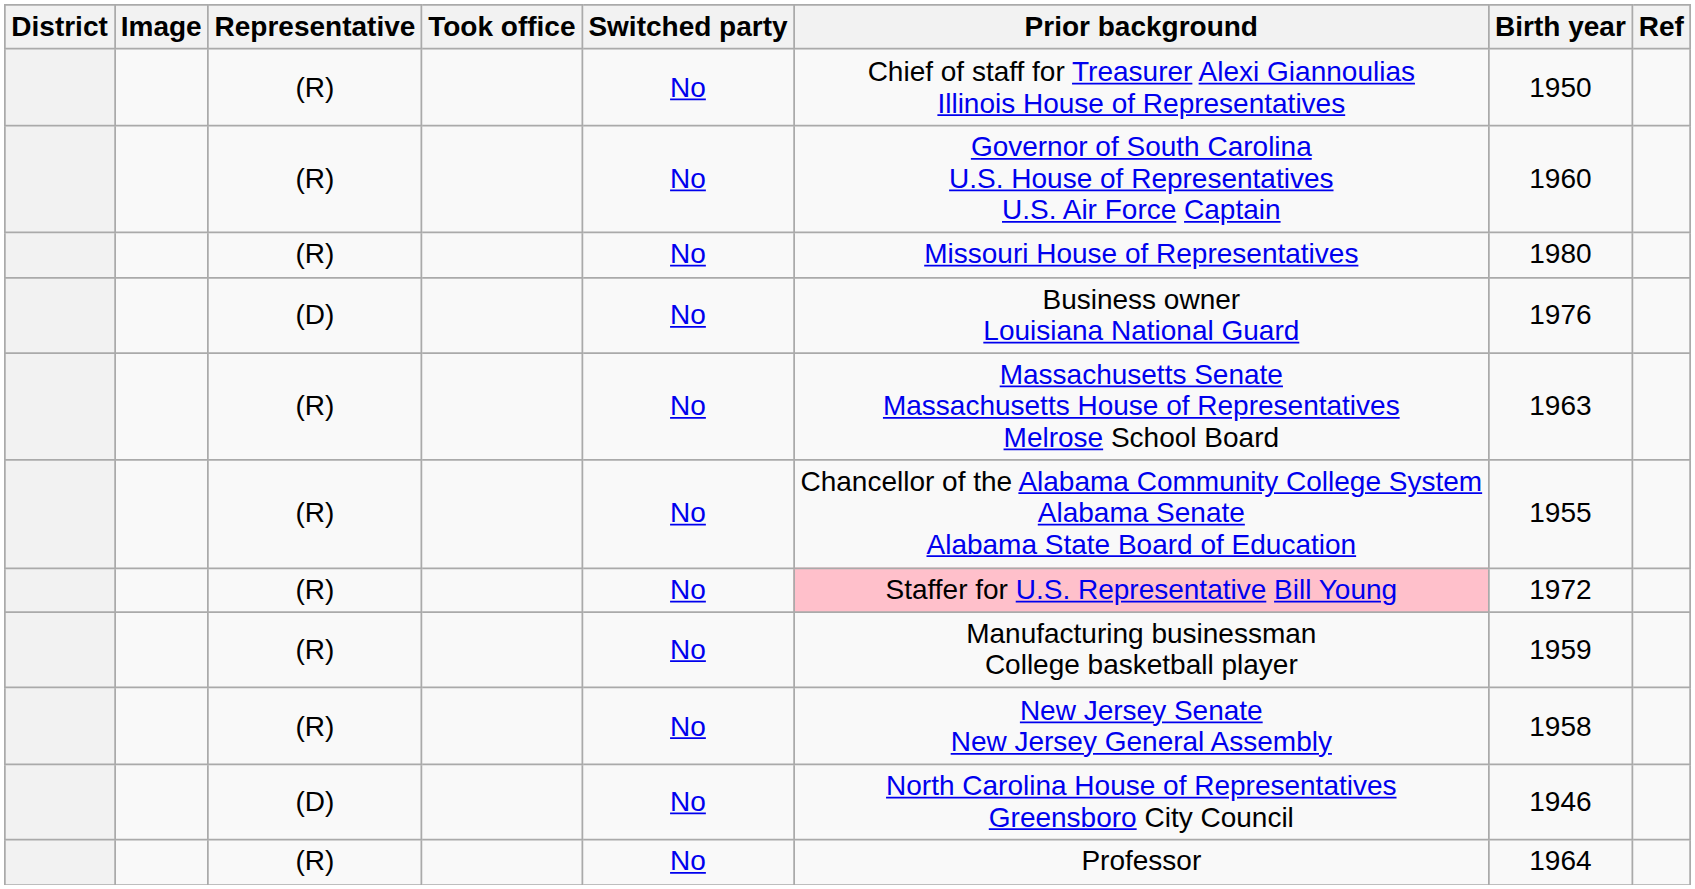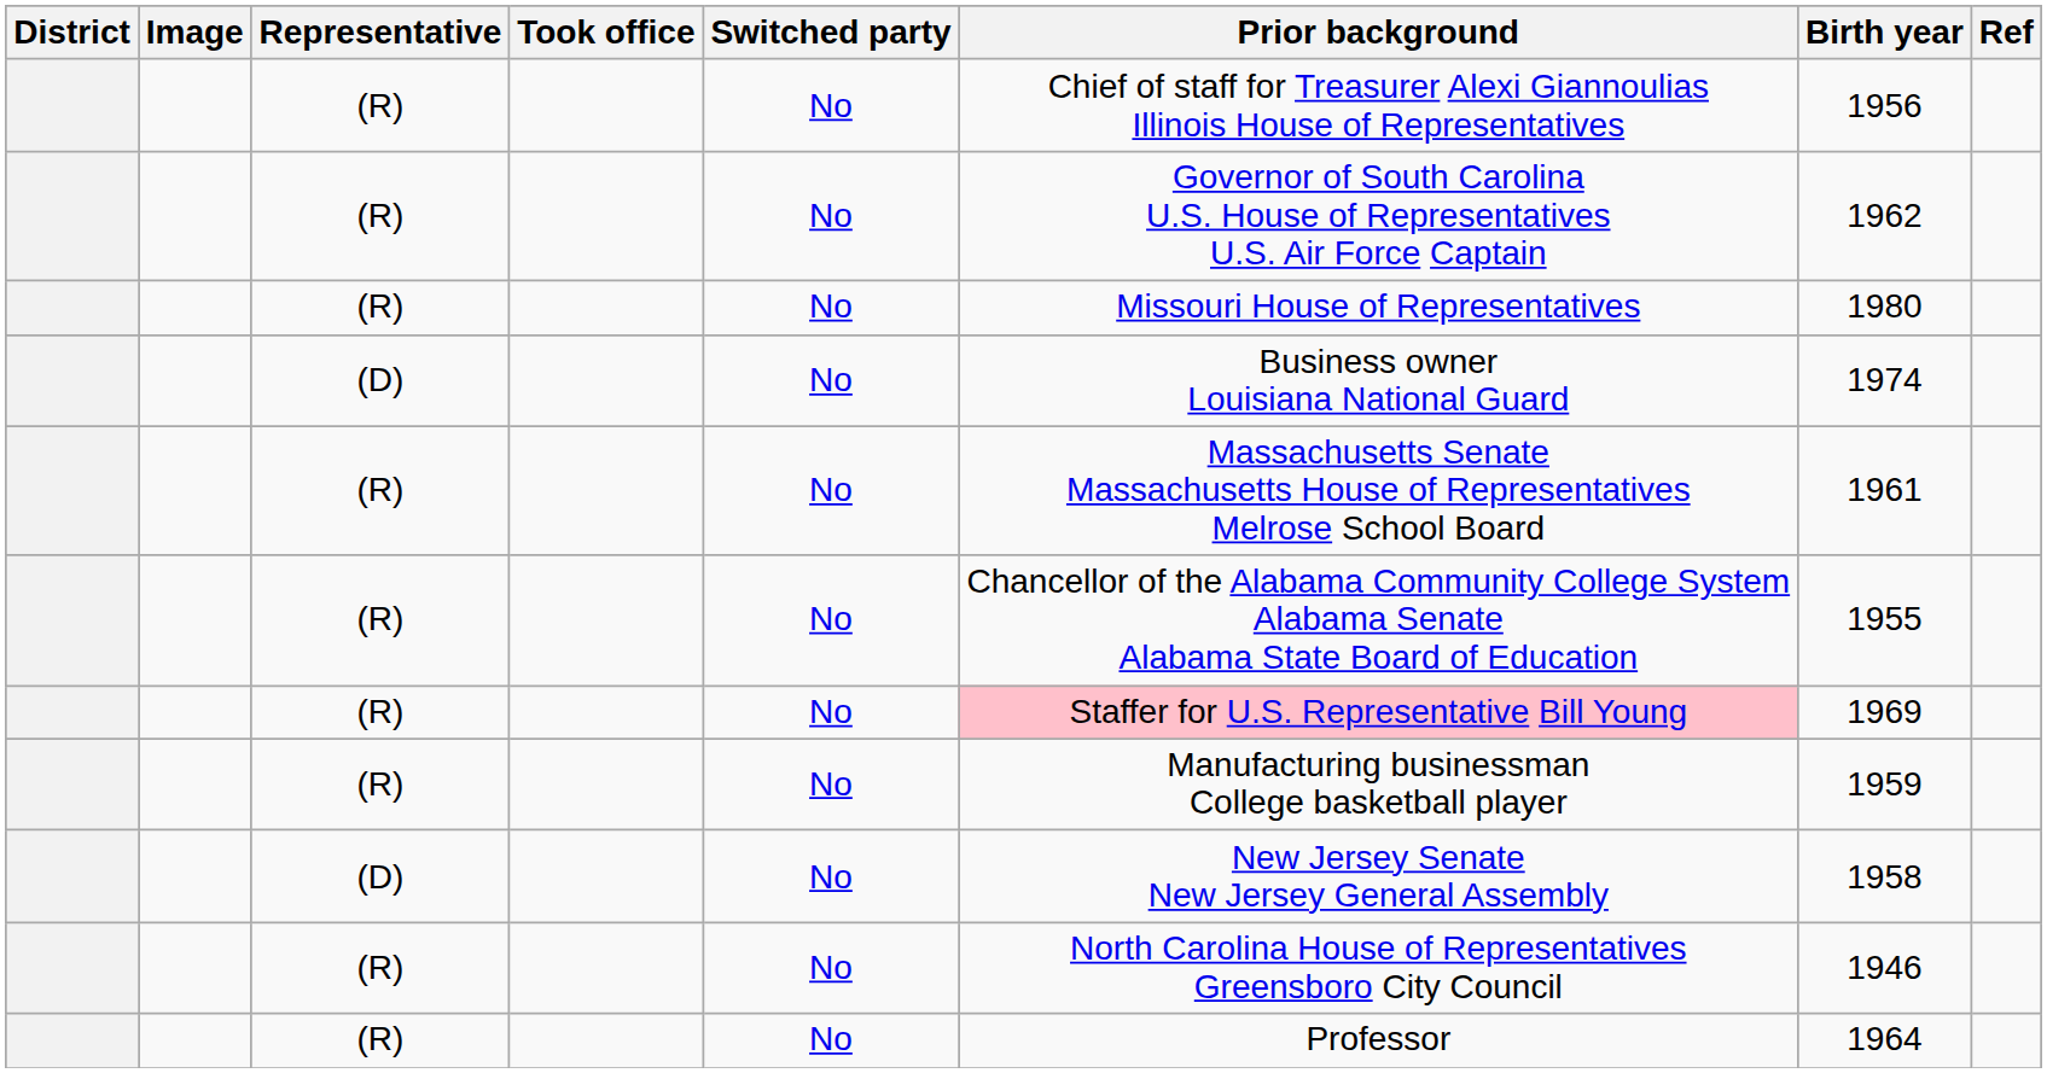 <table class="sortable wikitable" style="text-align:center">
 <tr>
 <th>District</th>
 <th>Image</th>
 <th>Representative</th>
 <th>Took office</th>
 <th>Switched party</th>
 <th>Prior background</th>
 <th>Birth year</th>
 <th>Ref</th>
 </tr>
 <tr>
 <th></th>
 <td></td>
 <td> (R)</td>
 <td></td>
 <td><a href='#'>No</a><br></td>
 <td>Chief of staff for <a href='#'>Treasurer</a> <a href='#'>Alexi Giannoulias</a><br><a href='#'>Illinois House of Representatives</a></td>
-<td>1950</td>
+<td>1956</td>
 <td></td>
 </tr>
 <tr>
 <th></th>
 <td></td>
 <td> (R)</td>
 <td></td>
 <td><a href='#'>No</a><br></td>
 <td><a href='#'>Governor of South Carolina</a><br><a href='#'>U.S. House of Representatives</a><br><a href='#'>U.S. Air Force</a> <a href='#'>Captain</a></td>
-<td>1960</td>
+<td>1962</td>
 <td></td>
 </tr>
 <tr>
 <th></th>
 <td></td>
 <td> (R)</td>
 <td></td>
 <td><a href='#'>No</a><br></td>
 <td><a href='#'>Missouri House of Representatives</a></td>
 <td>1980</td>
 <td></td>
 </tr>
 <tr>
 <th></th>
 <td></td>
 <td> (D)</td>
 <td></td>
 <td><a href='#'>No</a><br></td>
 <td>Business owner<br><a href='#'>Louisiana National Guard</a></td>
-<td>1976</td>
+<td>1974</td>
 <td></td>
 </tr>
 <tr>
 <th></th>
 <td></td>
 <td> (R)</td>
 <td></td>
 <td><a href='#'>No</a><br></td>
 <td><a href='#'>Massachusetts Senate</a><br><a href='#'>Massachusetts House of Representatives</a><br><a href='#'>Melrose</a> School Board</td>
-<td>1963</td>
+<td>1961</td>
 <td></td>
 </tr>
 <tr>
 <th></th>
 <td></td>
 <td> (R)</td>
 <td></td>
 <td><a href='#'>No</a><br></td>
 <td>Chancellor of the <a href='#'>Alabama Community College System</a><br><a href='#'>Alabama Senate</a><br><a href='#'>Alabama State Board of Education</a></td>
 <td>1955</td>
 <td></td>
 </tr>
 <tr>
 <th></th>
 <td></td>
 <td> (R)</td>
 <td></td>
 <td><a href='#'>No</a><br></td>
 <td style="background: pink;">Staffer for <a href='#'>U.S. Representative</a> <a href='#'>Bill Young</a></td>
-<td>1972</td>
+<td>1969</td>
 <td></td>
 </tr>
 <tr>
 <th></th>
 <td></td>
 <td> (R)</td>
 <td></td>
 <td><a href='#'>No</a><br></td>
 <td>Manufacturing businessman<br>College basketball player</td>
 <td>1959</td>
 <td></td>
 </tr>
 <tr>
 <th></th>
 <td></td>
-<td> (R)</td>
+<td> (D)</td>
 <td></td>
 <td><a href='#'>No</a><br></td>
 <td><a href='#'>New Jersey Senate</a><br><a href='#'>New Jersey General Assembly</a></td>
 <td>1958</td>
 <td></td>
 </tr>
 <tr>
 <th></th>
 <td></td>
-<td> (D)</td>
+<td> (R)</td>
 <td></td>
 <td><a href='#'>No</a><br></td>
 <td><a href='#'>North Carolina House of Representatives</a><br><a href='#'>Greensboro</a> City Council</td>
 <td>1946</td>
 <td></td>
 </tr>
 <tr>
 <th></th>
 <td></td>
 <td> (R)</td>
 <td></td>
 <td><a href='#'>No</a><br></td>
 <td>Professor</td>
 <td>1964</td>
 <td></td>
 </tr>
 </table>
